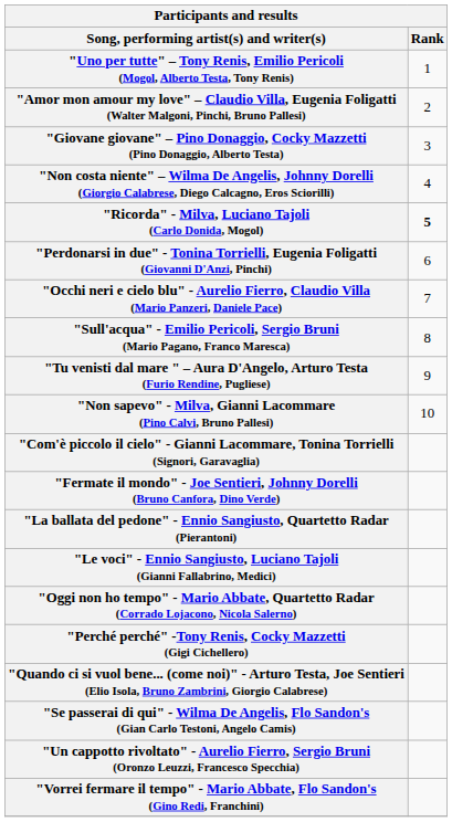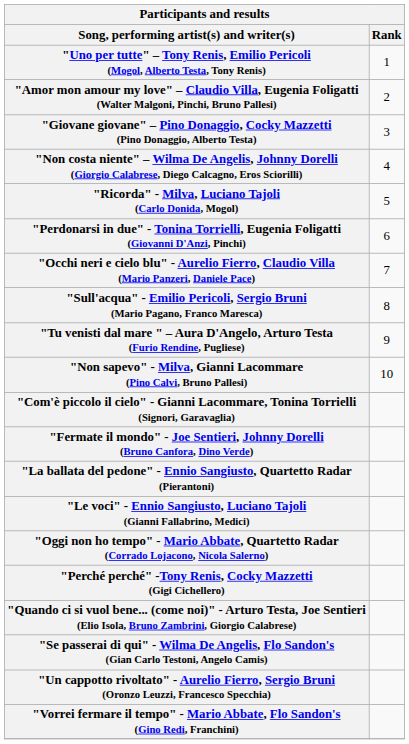 <table class="plainrowheaders wikitable">
 <tr>
 <th colspan="3">Participants and results</th>
 </tr>
 <tr>
 <th>Song, performing artist(s) and writer(s)</th>
 <th>Rank</th>
 </tr>
 <tr>
 <th scope="row">"<a href='#'>Uno per tutte</a>" – <a href='#'>Tony Renis</a>, <a href='#'>Emilio Pericoli</a> <br><small> 	(<a href='#'>Mogol</a>, <a href='#'>Alberto Testa</a>, Tony Renis) </small></th>
 <td style="text-align:center;">1</td>
 </tr>
 <tr>
 <th scope="row">"Amor mon amour my love" –  <a href='#'>Claudio Villa</a>, Eugenia Foligatti  <br><small>   (Walter Malgoni, Pinchi, Bruno Pallesi)  </small></th>
 <td style="text-align:center;">2</td>
 </tr>
 <tr>
 <th scope="row">"Giovane giovane" – <a href='#'>Pino Donaggio</a>, <a href='#'>Cocky Mazzetti</a>  <br><small> 	(Pino Donaggio, Alberto Testa)</small></th>
 <td style="text-align:center;">3</td>
 </tr>
 <tr>
 <th scope="row">"Non costa niente"  –  	<a href='#'>Wilma De Angelis</a>, <a href='#'>Johnny Dorelli</a>  <br><small>  (<a href='#'>Giorgio Calabrese</a>, Diego Calcagno, Eros Sciorilli)</small></th>
 <td style="text-align:center;">4</td>
 </tr>
 <tr>
 <th scope="row">"Ricorda" - <a href='#'>Milva</a>, <a href='#'>Luciano Tajoli</a>  <br><small>   (<a href='#'>Carlo Donida</a>, Mogol)</small></th>
-<td style="text-align:center;"><strong>5</strong></td>
+<td style="text-align:center;">5</td>
 </tr>
 <tr>
 <th scope="row">"Perdonarsi in due" -  	<a href='#'>Tonina Torrielli</a>, Eugenia Foligatti <br><small>   (<a href='#'>Giovanni D'Anzi</a>, Pinchi)</small></th>
 <td style="text-align:center;">6</td>
 </tr>
 <tr>
 <th scope="row">"Occhi neri e cielo blu" -  <a href='#'>Aurelio Fierro</a>, <a href='#'>Claudio Villa</a>  <br><small>   (<a href='#'>Mario Panzeri</a>, <a href='#'>Daniele Pace</a>)</small></th>
 <td style="text-align:center;">7</td>
 </tr>
 <tr>
 <th scope="row">"Sull'acqua" -  <a href='#'>Emilio Pericoli</a>, <a href='#'>Sergio Bruni</a>  <br><small> 	 (Mario Pagano, Franco Maresca)</small></th>
 <td style="text-align:center;">8</td>
 </tr>
 <tr>
 <th scope="row">"Tu venisti dal mare " – 	Aura D'Angelo, Arturo Testa  <br><small>  (<a href='#'>Furio Rendine</a>, Pugliese)</small></th>
 <td style="text-align:center;">9</td>
 </tr>
 <tr>
 <th scope="row">"Non sapevo" -  	<a href='#'>Milva</a>, Gianni Lacommare  <br><small>   (<a href='#'>Pino Calvi</a>, Bruno Pallesi)</small></th>
 <td style="text-align:center;">10</td>
 </tr>
 <tr>
 <th scope="row">"Com'è piccolo il cielo" - Gianni Lacommare, Tonina Torrielli  <br><small>  (Signori, Garavaglia)</small></th>
 <td></td>
 </tr>
 <tr>
 <th scope="row">"Fermate il mondo" -   <a href='#'>Joe Sentieri</a>, <a href='#'>Johnny Dorelli</a> <br><small> 	 (<a href='#'>Bruno Canfora</a>, <a href='#'>Dino Verde</a>)</small></th>
 <td></td>
 </tr>
 <tr>
 <th scope="row">"La ballata del pedone" -  <a href='#'>Ennio Sangiusto</a>, Quartetto Radar <br><small> 	 (Pierantoni)</small></th>
 <td></td>
 </tr>
 <tr>
 <th scope="row">"Le voci" -  <a href='#'>Ennio Sangiusto</a>, <a href='#'>Luciano Tajoli</a> <br><small> 	 (Gianni Fallabrino, Medici)</small></th>
 <td></td>
 </tr>
 <tr>
 <th scope="row">"Oggi non ho tempo" - <a href='#'>Mario Abbate</a>, Quartetto Radar <br><small>   (<a href='#'>Corrado Lojacono</a>, <a href='#'>Nicola Salerno</a>)</small></th>
 <td></td>
 </tr>
 <tr>
 <th scope="row">"Perché perché" -<a href='#'>Tony Renis</a>,   <a href='#'>Cocky Mazzetti</a> <br><small>   (Gigi Cichellero)</small></th>
 <td></td>
 </tr>
 <tr>
 <th scope="row">"Quando ci si vuol bene... (come noi)" - Arturo Testa, Joe Sentieri  <br><small>   (Elio Isola, <a href='#'>Bruno Zambrini</a>, Giorgio Calabrese)   </small></th>
 <td></td>
 </tr>
 <tr>
 <th scope="row">"Se passerai di qui" -    <a href='#'>Wilma De Angelis</a>, <a href='#'>Flo Sandon's</a>  <br><small>  (Gian Carlo Testoni, Angelo Camis)  </small></th>
 <td></td>
 </tr>
 <tr>
 <th scope="row">"Un cappotto rivoltato" - <a href='#'>Aurelio Fierro</a>, <a href='#'>Sergio Bruni</a> <br><small> 	 (Oronzo Leuzzi, Francesco Specchia)     </small></th>
 <td></td>
 </tr>
 <tr>
 <th scope="row">"Vorrei fermare il tempo" -    <a href='#'>Mario Abbate</a>, <a href='#'>Flo Sandon's</a>  <br><small>   (<a href='#'>Gino Redi</a>, Franchini)   </small></th>
 <td></td>
 </tr>
 <tr>
 </tr>
 </table>
